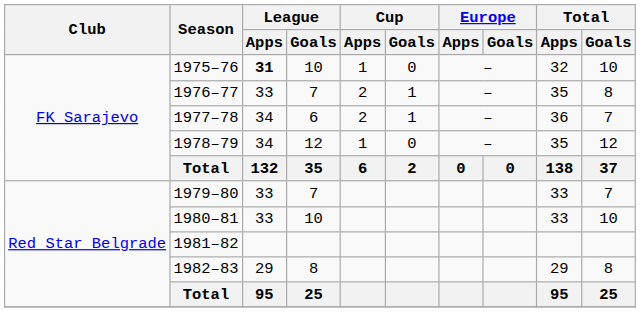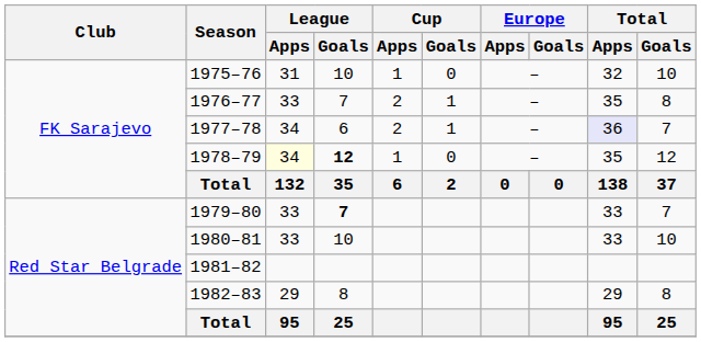 <table class="wikitable" style="text-align:center">
 <tr>
 <th rowspan="2">Club</th>
 <th rowspan="2">Season</th>
 <th colspan="2">League</th>
 <th colspan="2">Cup</th>
 <th colspan="2"><a href='#'>Europe</a></th>
 <th colspan="2">Total</th>
 </tr>
 <tr>
 <th>Apps</th>
 <th>Goals</th>
 <th>Apps</th>
 <th>Goals</th>
 <th>Apps</th>
 <th>Goals</th>
 <th>Apps</th>
 <th>Goals</th>
 </tr>
 <tr>
 <td rowspan="5"><a href='#'>FK Sarajevo</a></td>
 <td>1975–76</td>
-<td><strong>31</strong></td>
+<td>31</td>
 <td>10</td>
 <td>1</td>
 <td>0</td>
 <td colspan="2">–</td>
 <td>32</td>
 <td>10</td>
 </tr>
 <tr>
 <td>1976–77</td>
 <td>33</td>
 <td>7</td>
 <td>2</td>
 <td>1</td>
 <td colspan="2">–</td>
 <td>35</td>
 <td>8</td>
 </tr>
 <tr>
 <td>1977–78</td>
 <td>34</td>
 <td>6</td>
 <td>2</td>
 <td>1</td>
 <td colspan="2">–</td>
-<td>36</td>
+<td style="background: lavender;">36</td>
 <td>7</td>
 </tr>
 <tr>
 <td>1978–79</td>
-<td>34</td>
-<td>12</td>
+<td style="background: lightyellow;">34</td>
+<td><strong>12</strong></td>
 <td>1</td>
 <td>0</td>
 <td colspan="2">–</td>
 <td>35</td>
 <td>12</td>
 </tr>
 <tr>
 <th>Total</th>
 <th>132</th>
 <th>35</th>
 <th>6</th>
 <th>2</th>
 <th>0</th>
 <th>0</th>
 <th>138</th>
 <th>37</th>
 </tr>
 <tr>
 <td rowspan="5"><a href='#'>Red Star Belgrade</a></td>
 <td>1979–80</td>
 <td>33</td>
-<td>7</td>
+<td><strong>7</strong></td>
 <td></td>
 <td></td>
 <td></td>
 <td></td>
 <td>33</td>
 <td>7</td>
 </tr>
 <tr>
 <td>1980–81</td>
 <td>33</td>
 <td>10</td>
 <td></td>
 <td></td>
 <td></td>
 <td></td>
 <td>33</td>
 <td>10</td>
 </tr>
 <tr>
 <td>1981–82</td>
 <td></td>
 <td></td>
 <td></td>
 <td></td>
 <td></td>
 <td></td>
 <td></td>
 <td></td>
 </tr>
 <tr>
 <td>1982–83</td>
 <td>29</td>
 <td>8</td>
 <td></td>
 <td></td>
 <td></td>
 <td></td>
 <td>29</td>
 <td>8</td>
 </tr>
 <tr>
 <th>Total</th>
 <th>95</th>
 <th>25</th>
 <th></th>
 <th></th>
 <th></th>
 <th></th>
 <th>95</th>
 <th>25</th>
 </tr>
 <tr>
 </tr>
 </table>
